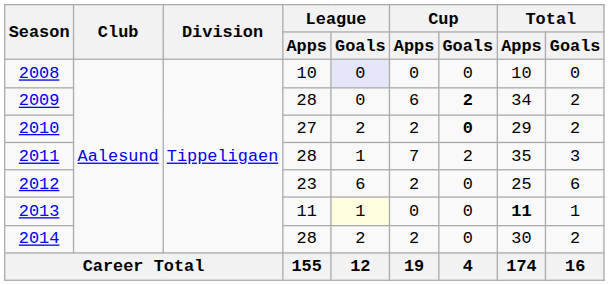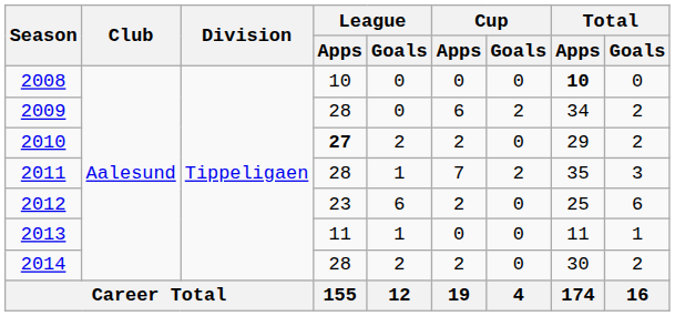 <table class="wikitable" style="text-align: center;">
 <tr>
 <th rowspan="2">Season</th>
 <th rowspan="2">Club</th>
 <th rowspan="2">Division</th>
 <th colspan="2">League</th>
 <th colspan="2">Cup</th>
 <th colspan="2">Total</th>
 </tr>
 <tr>
 <th>Apps</th>
 <th>Goals</th>
 <th>Apps</th>
 <th>Goals</th>
 <th>Apps</th>
 <th>Goals</th>
 </tr>
 <tr>
 <td><a href='#'>2008</a></td>
 <td rowspan="7" valign="center"><a href='#'>Aalesund</a></td>
 <td rowspan="7" valign="center"><a href='#'>Tippeligaen</a></td>
 <td>10</td>
-<td style="background: lavender;">0</td>
 <td>0</td>
 <td>0</td>
-<td>10</td>
+<td>0</td>
+<td><strong>10</strong></td>
 <td>0</td>
 </tr>
 <tr>
 <td><a href='#'>2009</a></td>
 <td>28</td>
 <td>0</td>
 <td>6</td>
-<td><strong>2</strong></td>
+<td>2</td>
 <td>34</td>
 <td>2</td>
 </tr>
 <tr>
 <td><a href='#'>2010</a></td>
-<td>27</td>
+<td><strong>27</strong></td>
 <td>2</td>
 <td>2</td>
-<td><strong>0</strong></td>
+<td>0</td>
 <td>29</td>
 <td>2</td>
 </tr>
 <tr>
 <td><a href='#'>2011</a></td>
 <td>28</td>
 <td>1</td>
 <td>7</td>
 <td>2</td>
 <td>35</td>
 <td>3</td>
 </tr>
 <tr>
 <td><a href='#'>2012</a></td>
 <td>23</td>
 <td>6</td>
 <td>2</td>
 <td>0</td>
 <td>25</td>
 <td>6</td>
 </tr>
 <tr>
 <td><a href='#'>2013</a></td>
 <td>11</td>
-<td style="background: lightyellow;">1</td>
+<td>1</td>
 <td>0</td>
 <td>0</td>
-<td><strong>11</strong></td>
+<td>11</td>
 <td>1</td>
 </tr>
 <tr>
 <td><a href='#'>2014</a></td>
 <td>28</td>
 <td>2</td>
 <td>2</td>
 <td>0</td>
 <td>30</td>
 <td>2</td>
 </tr>
 <tr>
 <th colspan="3">Career Total</th>
 <th>155</th>
 <th>12</th>
 <th>19</th>
 <th>4</th>
 <th>174</th>
 <th>16</th>
 </tr>
 </table>
